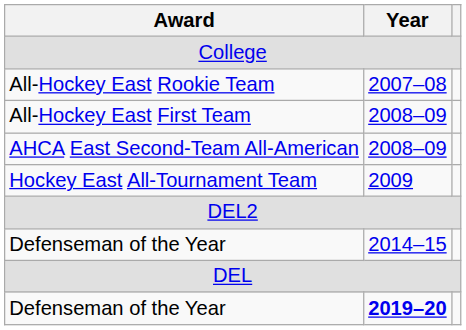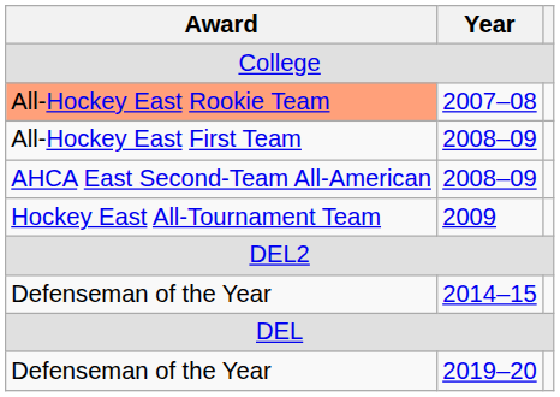 <table class="wikitable">
 <tr>
 <th>Award</th>
 <th>Year</th>
 <th></th>
 </tr>
 <tr ALIGN="center" bgcolor="#e0e0e0">
 <td colspan="3"><a href='#'>College</a></td>
 </tr>
 <tr>
-<td>All-<a href='#'>Hockey East</a> <a href='#'>Rookie Team</a></td>
+<td style="background: lightsalmon;">All-<a href='#'>Hockey East</a> <a href='#'>Rookie Team</a></td>
 <td><a href='#'>2007–08</a></td>
 <td></td>
 </tr>
 <tr>
 <td>All-<a href='#'>Hockey East</a> <a href='#'>First Team</a></td>
 <td><a href='#'>2008–09</a></td>
 <td></td>
 </tr>
 <tr>
 <td><a href='#'>AHCA</a> <a href='#'>East Second-Team All-American</a></td>
 <td><a href='#'>2008–09</a></td>
 <td></td>
 </tr>
 <tr>
 <td><a href='#'>Hockey East</a> <a href='#'>All-Tournament Team</a></td>
 <td><a href='#'>2009</a></td>
 <td></td>
 </tr>
 <tr ALIGN="center" bgcolor="#e0e0e0">
 <td colspan="3"><a href='#'>DEL2</a></td>
 </tr>
 <tr>
 <td>Defenseman of the Year</td>
 <td><a href='#'>2014–15</a></td>
 <td></td>
 </tr>
 <tr ALIGN="center" bgcolor="#e0e0e0">
 <td colspan="3"><a href='#'>DEL</a></td>
 </tr>
 <tr>
 <td>Defenseman of the Year</td>
-<td><strong><a href='#'>2019–20</a></strong></td>
+<td><a href='#'>2019–20</a></td>
 <td></td>
 </tr>
 </table>
